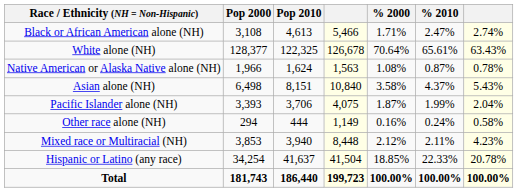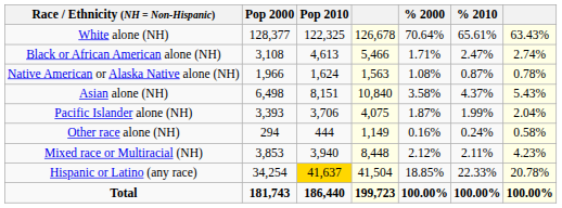 <table class="wikitable" style="text-align:center;">
 <tr>
 <th>Race / Ethnicity <small>(<em>NH = Non-Hispanic</em>)</small></th>
 <th>Pop 2000</th>
 <th>Pop 2010</th>
 <th></th>
 <th>% 2000</th>
 <th>% 2010</th>
 <th></th>
 </tr>
 <tr>
+<td><a href='#'>White</a> alone (NH)</td>
+<td>128,377</td>
+<td>122,325</td>
+<td style='background: #ffffe6;'>126,678</td>
+<td>70.64%</td>
+<td>65.61%</td>
+<td style='background: #ffffe6;'>63.43%</td>
+</tr>
+<tr>
 <td><a href='#'>Black or African American</a> alone (NH)</td>
 <td>3,108</td>
 <td>4,613</td>
 <td style='background: #ffffe6;'>5,466</td>
 <td>1.71%</td>
 <td>2.47%</td>
 <td style='background: #ffffe6;'>2.74%</td>
-</tr>
-<tr>
-<td><a href='#'>White</a> alone (NH)</td>
-<td>128,377</td>
-<td>122,325</td>
-<td style='background: #ffffe6;'>126,678</td>
-<td>70.64%</td>
-<td>65.61%</td>
-<td style='background: #ffffe6;'>63.43%</td>
 </tr>
 <tr>
 <td><a href='#'>Native American</a> or <a href='#'>Alaska Native</a> alone (NH)</td>
 <td>1,966</td>
 <td>1,624</td>
 <td style='background: #ffffe6;'>1,563</td>
 <td>1.08%</td>
 <td>0.87%</td>
 <td style='background: #ffffe6;'>0.78%</td>
 </tr>
 <tr>
 <td><a href='#'>Asian</a> alone (NH)</td>
 <td>6,498</td>
 <td>8,151</td>
 <td style='background: #ffffe6;'>10,840</td>
 <td>3.58%</td>
 <td>4.37%</td>
 <td style='background: #ffffe6;'>5.43%</td>
 </tr>
 <tr>
 <td><a href='#'>Pacific Islander</a> alone (NH)</td>
 <td>3,393</td>
 <td>3,706</td>
 <td style='background: #ffffe6;'>4,075</td>
 <td>1.87%</td>
 <td>1.99%</td>
 <td style='background: #ffffe6;'>2.04%</td>
 </tr>
 <tr>
 <td><a href='#'>Other race</a> alone (NH)</td>
 <td>294</td>
 <td>444</td>
 <td style='background: #ffffe6;'>1,149</td>
 <td>0.16%</td>
 <td>0.24%</td>
 <td style='background: #ffffe6;'>0.58%</td>
 </tr>
 <tr>
 <td><a href='#'>Mixed race or Multiracial</a> (NH)</td>
 <td>3,853</td>
 <td>3,940</td>
 <td style='background: #ffffe6;'>8,448</td>
 <td>2.12%</td>
 <td>2.11%</td>
 <td style='background: #ffffe6;'>4.23%</td>
 </tr>
 <tr>
 <td><a href='#'>Hispanic or Latino</a> (any race)</td>
 <td>34,254</td>
-<td>41,637</td>
+<td style="background: gold;">41,637</td>
 <td style='background: #ffffe6;'>41,504</td>
 <td>18.85%</td>
 <td>22.33%</td>
 <td style='background: #ffffe6;'>20.78%</td>
 </tr>
 <tr>
 <td><strong>Total</strong></td>
 <td><strong>181,743</strong></td>
 <td><strong>186,440</strong></td>
 <td style='background: #ffffe6;'><strong>199,723</strong></td>
 <td><strong>100.00%</strong></td>
 <td><strong>100.00%</strong></td>
 <td style='background: #ffffe6;'><strong>100.00%</strong></td>
 </tr>
 </table>
